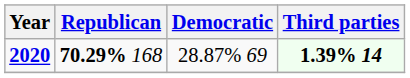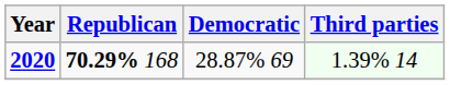 <table class="wikitable" style="float:right; font-size:95%;">
 <tr bgcolor=lightgrey>
 <th>Year</th>
 <th><a href='#'>Republican</a></th>
 <th><a href='#'>Democratic</a></th>
 <th><a href='#'>Third parties</a></th>
 </tr>
 <tr>
 <td style="text-align:center;" ><strong><a href='#'>2020</a></strong></td>
 <td style="text-align:center;" ><strong>70.29%</strong> <em>168</em></td>
 <td style="text-align:center;" >28.87% <em>69</em></td>
-<td style="text-align:center; background:honeyDew;"><strong>1.39% <em>14</em></strong></td>
+<td style="text-align:center; background:honeyDew;">1.39% <em>14</em></td>
 </tr>
 <tr>
 </tr>
 </table>
